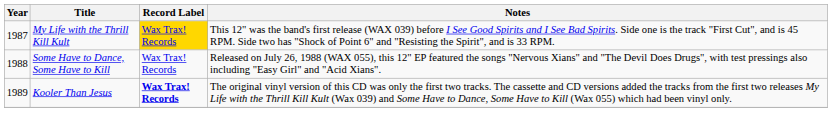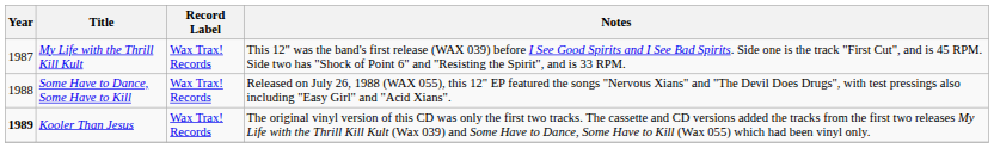 <table class="wikitable">
 <tr>
 <th>Year</th>
 <th>Title</th>
 <th>Record Label</th>
 <th>Notes</th>
 </tr>
 <tr>
 <td>1987</td>
 <td><em><a href='#'>My Life with the Thrill Kill Kult</a></em></td>
-<td style="background: gold;"><a href='#'>Wax Trax! Records</a></td>
+<td><a href='#'>Wax Trax! Records</a></td>
 <td>This 12" was the band's first release (WAX 039) before <em><a href='#'>I See Good Spirits and I See Bad Spirits</a></em>.  Side one is the track "First Cut", and is 45 RPM.  Side two has "Shock of Point 6" and "Resisting the Spirit", and is 33 RPM.</td>
 </tr>
 <tr>
 <td>1988</td>
 <td><em><a href='#'>Some Have to Dance, Some Have to Kill</a></em></td>
 <td><a href='#'>Wax Trax! Records</a></td>
 <td>Released on July 26, 1988 (WAX 055), this 12" EP featured the songs "Nervous Xians" and "The Devil Does Drugs", with test pressings also including "Easy Girl" and "Acid Xians".</td>
 </tr>
 <tr>
-<td>1989</td>
+<td><strong>1989</strong></td>
 <td><em><a href='#'>Kooler Than Jesus</a></em></td>
-<td><strong><a href='#'>Wax Trax! Records</a></strong></td>
+<td><a href='#'>Wax Trax! Records</a></td>
 <td>The original vinyl version of this CD was only the first two tracks.  The cassette and CD versions added the tracks from the first two releases <em>My Life with the Thrill Kill Kult</em> (Wax 039) and <em>Some Have to Dance, Some Have to Kill</em> (Wax 055) which had been vinyl only.</td>
 </tr>
 <tr>
 </tr>
 </table>
